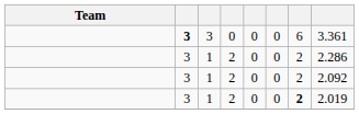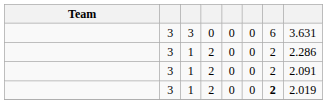 <table class="wikitable" style="text-align:center">
 <tr>
 <th width=200>Team</th>
 <th width=20></th>
 <th width=20></th>
 <th width=20></th>
 <th width=20></th>
 <th width=20></th>
 <th width=20></th>
 <th width=45></th>
 </tr>
 <tr>
 <td align="left"></td>
-<td><strong>3</strong></td>
+<td>3</td>
 <td>3</td>
 <td>0</td>
 <td>0</td>
 <td>0</td>
 <td>6</td>
-<td>3.361</td>
+<td>3.631</td>
 </tr>
 <tr>
 <td align="left"></td>
 <td>3</td>
 <td>1</td>
 <td>2</td>
 <td>0</td>
 <td>0</td>
 <td>2</td>
 <td>2.286</td>
 </tr>
 <tr>
 <td align="left"></td>
 <td>3</td>
 <td>1</td>
 <td>2</td>
 <td>0</td>
 <td>0</td>
 <td>2</td>
-<td>2.092</td>
+<td>2.091</td>
 </tr>
 <tr>
 <td align="left"></td>
 <td>3</td>
 <td>1</td>
 <td>2</td>
 <td>0</td>
 <td>0</td>
 <td><strong>2</strong></td>
 <td>2.019</td>
 </tr>
 <tr>
 </tr>
 </table>
